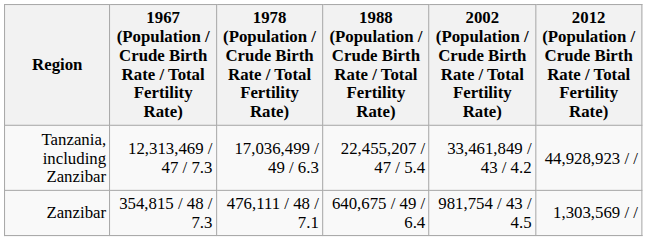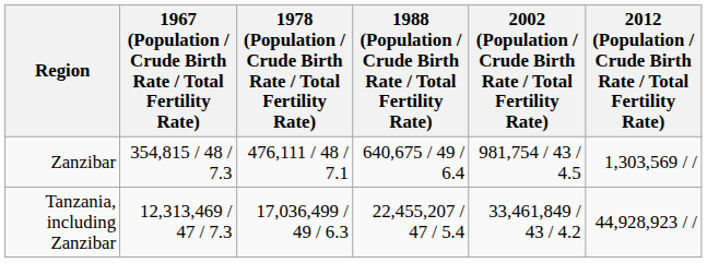 <table class="wikitable" style="text-align: right;" style="font-size:88%;">
 <tr>
 <th width="220">Region</th>
 <th width="150">1967 (Population / Crude Birth Rate / Total Fertility Rate)</th>
 <th width="150">1978 (Population / Crude Birth Rate / Total Fertility Rate)</th>
 <th width="150">1988 (Population / Crude Birth Rate / Total Fertility Rate)</th>
 <th width="150">2002 (Population / Crude Birth Rate / Total Fertility Rate)</th>
 <th width="150">2012 (Population / Crude Birth Rate / Total Fertility Rate)</th>
 </tr>
 <tr>
+<td>Zanzibar</td>
+<td>354,815 / 48 / 7.3</td>
+<td>476,111 / 48 / 7.1</td>
+<td>640,675 / 49 / 6.4</td>
+<td>981,754 / 43 / 4.5</td>
+<td>1,303,569 / /</td>
+</tr>
+<tr>
 <td>Tanzania, including Zanzibar</td>
 <td>12,313,469 / 47 / 7.3</td>
 <td>17,036,499 / 49 / 6.3</td>
 <td>22,455,207 / 47 / 5.4</td>
 <td>33,461,849 / 43 / 4.2</td>
 <td>44,928,923 / /</td>
 </tr>
 <tr>
-<td>Zanzibar</td>
-<td>354,815 / 48 / 7.3</td>
-<td>476,111 / 48 / 7.1</td>
-<td>640,675 / 49 / 6.4</td>
-<td>981,754 / 43 / 4.5</td>
-<td>1,303,569 / /</td>
-</tr>
-<tr>
 </tr>
 </table>
